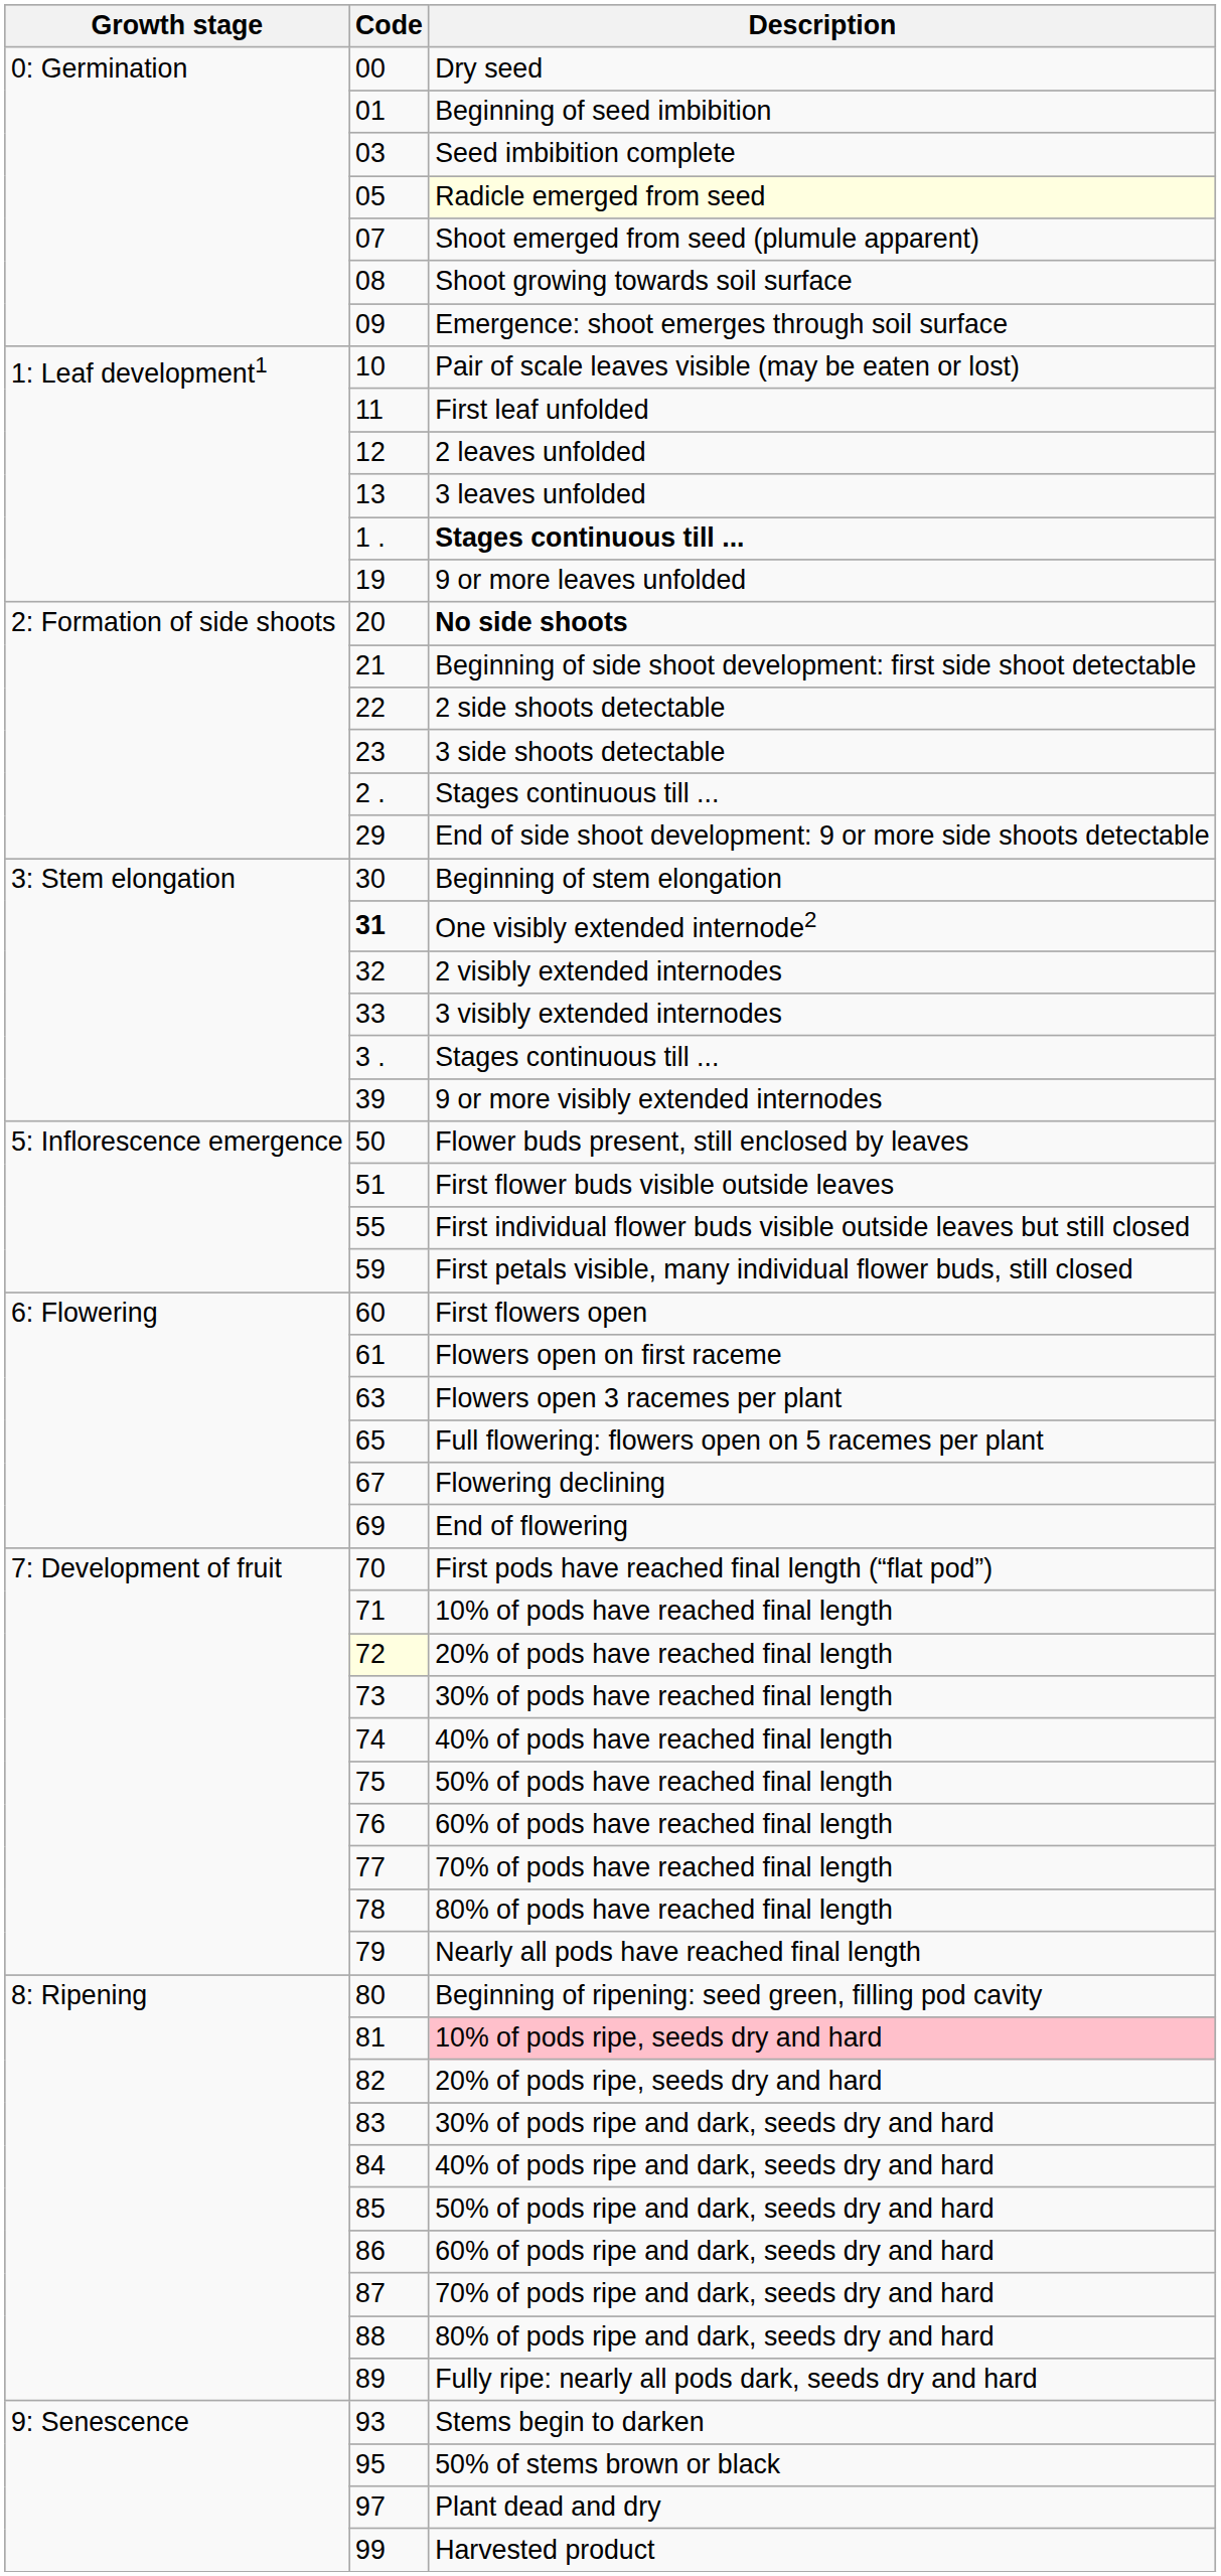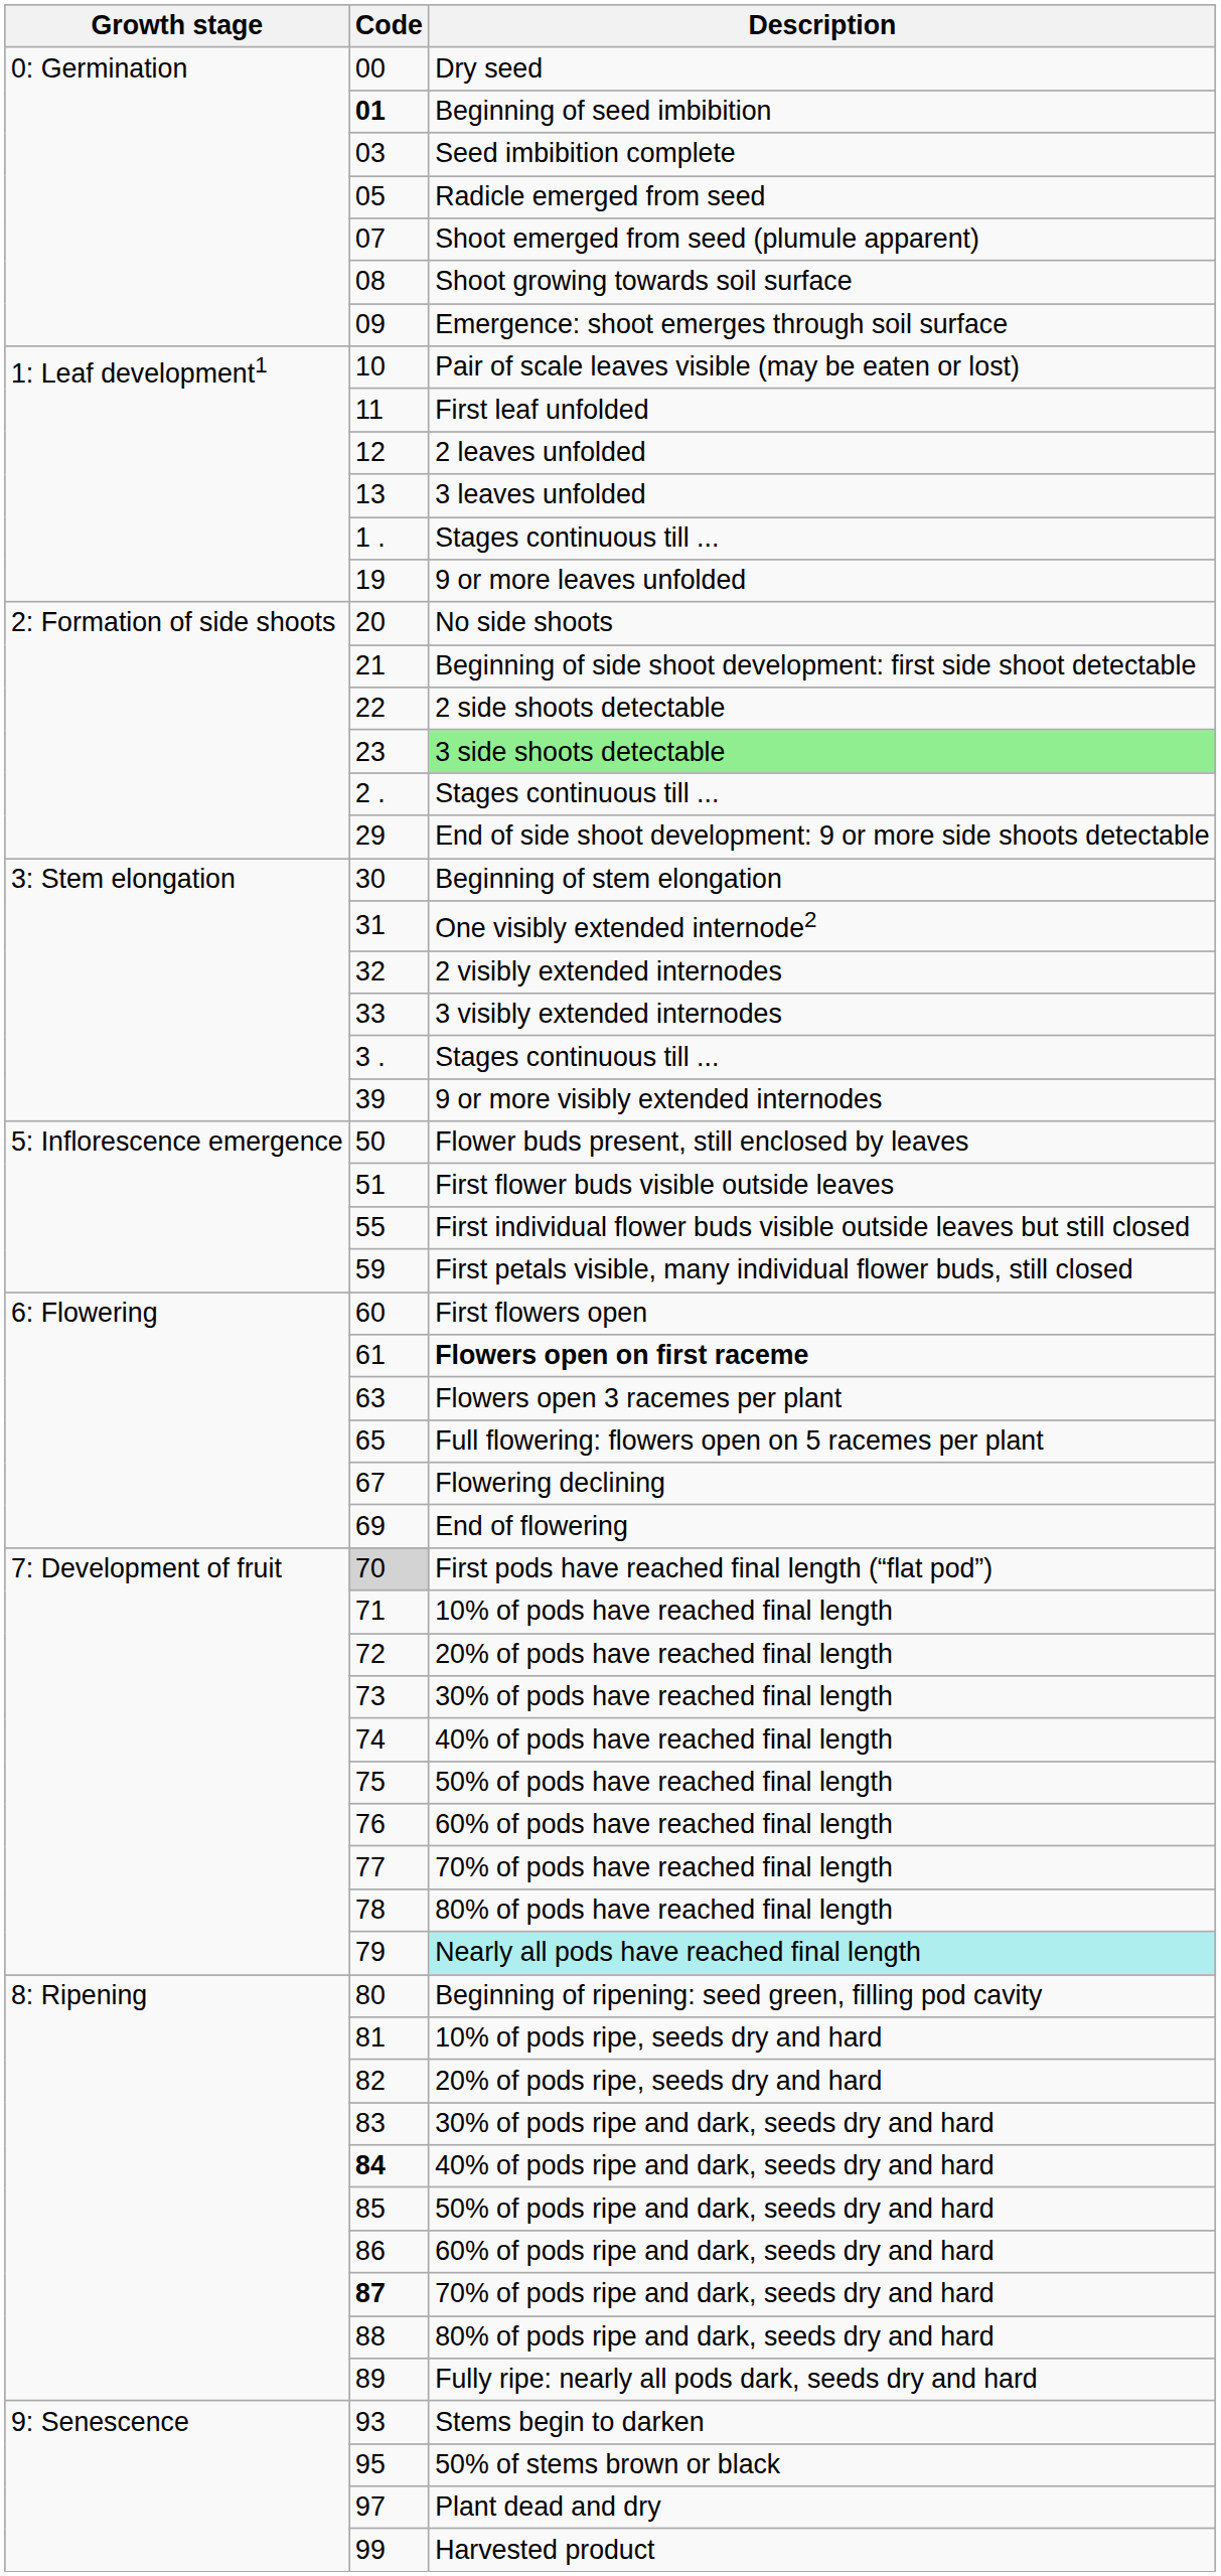 <table class="wikitable" style="clear">
 <tr>
 <th>Growth stage</th>
 <th>Code</th>
 <th>Description</th>
 </tr>
 <tr>
 <td rowspan="7" style="vertical-align:top">0: Germination</td>
 <td>00</td>
 <td>Dry seed</td>
 </tr>
 <tr>
-<td>01</td>
+<td><strong>01</strong></td>
 <td>Beginning of seed imbibition</td>
 </tr>
 <tr>
 <td>03</td>
 <td>Seed imbibition complete</td>
 </tr>
 <tr>
 <td>05</td>
-<td style="background: lightyellow;">Radicle emerged from seed</td>
+<td>Radicle emerged from seed</td>
 </tr>
 <tr>
 <td>07</td>
 <td>Shoot emerged from seed (plumule apparent)</td>
 </tr>
 <tr>
 <td>08</td>
 <td>Shoot growing towards soil surface</td>
 </tr>
 <tr>
 <td>09</td>
 <td>Emergence: shoot emerges through soil surface</td>
 </tr>
 <tr>
 <td rowspan="6" style="vertical-align:top">1: Leaf development<sup>1</sup></td>
 <td>10</td>
 <td>Pair of scale leaves visible (may be eaten or lost)</td>
 </tr>
 <tr>
 <td>11</td>
 <td>First leaf unfolded</td>
 </tr>
 <tr>
 <td>12</td>
 <td>2 leaves unfolded</td>
 </tr>
 <tr>
 <td>13</td>
 <td>3 leaves unfolded</td>
 </tr>
 <tr>
 <td>1 .</td>
-<td><strong>Stages continuous till ...</strong></td>
+<td>Stages continuous till ...</td>
 </tr>
 <tr>
 <td>19</td>
 <td>9 or more leaves unfolded</td>
 </tr>
 <tr>
 <td rowspan="6" style="vertical-align:top">2: Formation of side shoots</td>
 <td>20</td>
-<td><strong>No side shoots</strong></td>
+<td>No side shoots</td>
 </tr>
 <tr>
 <td>21</td>
 <td>Beginning of side shoot development: first side shoot detectable</td>
 </tr>
 <tr>
 <td>22</td>
 <td>2 side shoots detectable</td>
 </tr>
 <tr>
 <td>23</td>
-<td>3 side shoots detectable</td>
+<td style="background: lightgreen;">3 side shoots detectable</td>
 </tr>
 <tr>
 <td>2 .</td>
 <td>Stages continuous till ...</td>
 </tr>
 <tr>
 <td>29</td>
 <td>End of side shoot development: 9 or more side shoots detectable</td>
 </tr>
 <tr>
 <td rowspan="6" style="vertical-align:top">3: Stem elongation</td>
 <td>30</td>
 <td>Beginning of stem elongation</td>
 </tr>
 <tr>
-<td><strong>31</strong></td>
+<td>31</td>
 <td>One visibly extended internode<sup>2</sup></td>
 </tr>
 <tr>
 <td>32</td>
 <td>2 visibly extended internodes</td>
 </tr>
 <tr>
 <td>33</td>
 <td>3 visibly extended internodes</td>
 </tr>
 <tr>
 <td>3 .</td>
 <td>Stages continuous till ...</td>
 </tr>
 <tr>
 <td>39</td>
 <td>9 or more visibly extended internodes</td>
 </tr>
 <tr>
 <td rowspan="4" style="vertical-align:top">5: Inflorescence emergence</td>
 <td>50</td>
 <td>Flower buds present, still enclosed by leaves</td>
 </tr>
 <tr>
 <td>51</td>
 <td>First flower buds visible outside leaves</td>
 </tr>
 <tr>
 <td>55</td>
 <td>First individual flower buds visible outside leaves but still closed</td>
 </tr>
 <tr>
 <td>59</td>
 <td>First petals visible, many individual flower buds, still closed</td>
 </tr>
 <tr>
 <td rowspan="6" style="vertical-align:top">6: Flowering</td>
 <td>60</td>
 <td>First flowers open</td>
 </tr>
 <tr>
 <td>61</td>
-<td>Flowers open on first raceme</td>
+<td><strong>Flowers open on first raceme</strong></td>
 </tr>
 <tr>
 <td>63</td>
 <td>Flowers open 3 racemes per plant</td>
 </tr>
 <tr>
 <td>65</td>
 <td>Full flowering: flowers open on 5 racemes per plant</td>
 </tr>
 <tr>
 <td>67</td>
 <td>Flowering declining</td>
 </tr>
 <tr>
 <td>69</td>
 <td>End of flowering</td>
 </tr>
 <tr>
 <td rowspan="10" style="vertical-align:top">7: Development of fruit</td>
-<td>70</td>
+<td style="background: lightgrey;">70</td>
 <td>First pods have reached final length (“flat pod”)</td>
 </tr>
 <tr>
 <td>71</td>
 <td>10% of pods have reached final length</td>
 </tr>
 <tr>
-<td style="background: lightyellow;">72</td>
+<td>72</td>
 <td>20% of pods have reached final length</td>
 </tr>
 <tr>
 <td>73</td>
 <td>30% of pods have reached final length</td>
 </tr>
 <tr>
 <td>74</td>
 <td>40% of pods have reached final length</td>
 </tr>
 <tr>
 <td>75</td>
 <td>50% of pods have reached final length</td>
 </tr>
 <tr>
 <td>76</td>
 <td>60% of pods have reached final length</td>
 </tr>
 <tr>
 <td>77</td>
 <td>70% of pods have reached final length</td>
 </tr>
 <tr>
 <td>78</td>
 <td>80% of pods have reached final length</td>
 </tr>
 <tr>
 <td>79</td>
-<td>Nearly all pods have reached final length</td>
+<td style="background: paleturquoise;">Nearly all pods have reached final length</td>
 </tr>
 <tr>
 <td rowspan="10" style="vertical-align:top">8: Ripening</td>
 <td>80</td>
 <td>Beginning of ripening: seed green, filling pod cavity</td>
 </tr>
 <tr>
 <td>81</td>
-<td style="background: pink;">10% of pods ripe, seeds dry and hard</td>
+<td>10% of pods ripe, seeds dry and hard</td>
 </tr>
 <tr>
 <td>82</td>
 <td>20% of pods ripe, seeds dry and hard</td>
 </tr>
 <tr>
 <td>83</td>
 <td>30% of pods ripe and dark, seeds dry and hard</td>
 </tr>
 <tr>
-<td>84</td>
+<td><strong>84</strong></td>
 <td>40% of pods ripe and dark, seeds dry and hard</td>
 </tr>
 <tr>
 <td>85</td>
 <td>50% of pods ripe and dark, seeds dry and hard</td>
 </tr>
 <tr>
 <td>86</td>
 <td>60% of pods ripe and dark, seeds dry and hard</td>
 </tr>
 <tr>
-<td>87</td>
+<td><strong>87</strong></td>
 <td>70% of pods ripe and dark, seeds dry and hard</td>
 </tr>
 <tr>
 <td>88</td>
 <td>80% of pods ripe and dark, seeds dry and hard</td>
 </tr>
 <tr>
 <td>89</td>
 <td>Fully ripe: nearly all pods dark, seeds dry and hard</td>
 </tr>
 <tr>
 <td rowspan="4" style="vertical-align:top">9: Senescence</td>
 <td>93</td>
 <td>Stems begin to darken</td>
 </tr>
 <tr>
 <td>95</td>
 <td>50% of stems brown or black</td>
 </tr>
 <tr>
 <td>97</td>
 <td>Plant dead and dry</td>
 </tr>
 <tr>
 <td>99</td>
 <td>Harvested product</td>
 </tr>
 <tr>
 </tr>
 </table>
